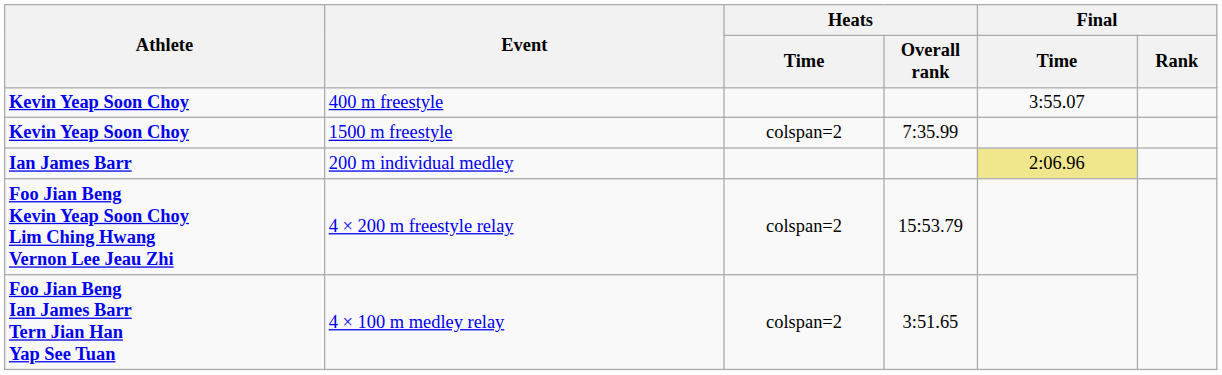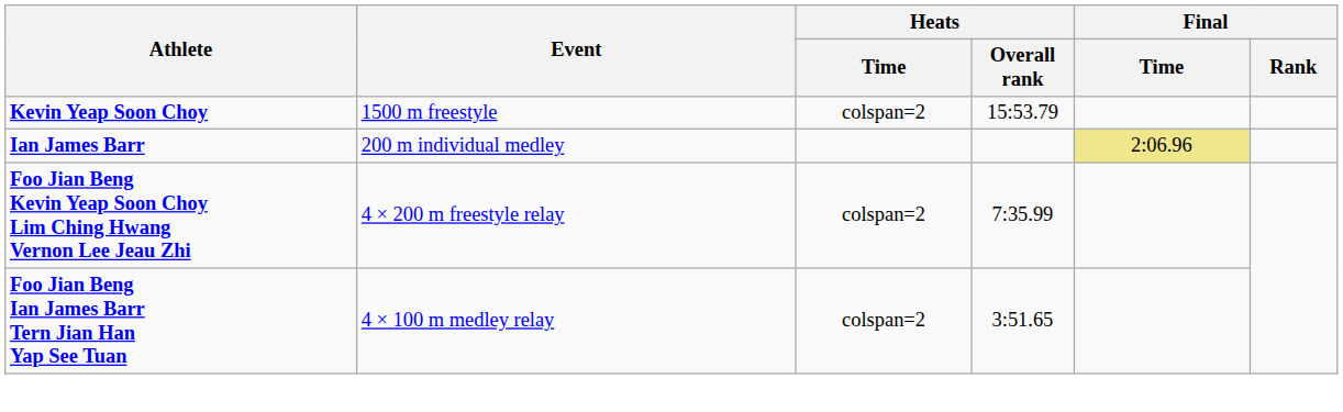 <table class="wikitable" width="75%" style="text-align:center; font-size:90%">
 <tr>
 <th rowspan="2" width="20%">Athlete</th>
 <th rowspan="2" width="25%">Event</th>
 <th colspan="2" width="15%">Heats</th>
 <th colspan="2" width="15%">Final</th>
 </tr>
 <tr>
 <th width="10%">Time</th>
 <th>Overall rank</th>
 <th width="10%">Time</th>
 <th>Rank</th>
 </tr>
 <tr>
 <td align=left><strong><a href='#'>Kevin Yeap Soon Choy</a></strong></td>
-<td align=left><a href='#'>400 m freestyle</a></td>
-<td></td>
-<td></td>
-<td>3:55.07</td>
-<td></td>
-</tr>
-<tr>
-<td align=left><strong><a href='#'>Kevin Yeap Soon Choy</a></strong></td>
 <td align=left><a href='#'>1500 m freestyle</a></td>
 <td>colspan=2 </td>
-<td>7:35.99</td>
+<td>15:53.79</td>
 <td></td>
 </tr>
 <tr>
 <td align=left><strong><a href='#'>Ian James Barr</a></strong></td>
 <td align=left><a href='#'>200 m individual medley</a></td>
 <td></td>
 <td></td>
 <td style="background: khaki;">2:06.96</td>
 <td></td>
 </tr>
 <tr>
 <td align=left><strong><a href='#'>Foo Jian Beng</a><br><a href='#'>Kevin Yeap Soon Choy</a><br><a href='#'>Lim Ching Hwang</a><br><a href='#'>Vernon Lee Jeau Zhi</a></strong></td>
 <td align=left><a href='#'>4 × 200 m freestyle relay</a></td>
 <td>colspan=2 </td>
-<td>15:53.79</td>
+<td>7:35.99</td>
 <td></td>
 </tr>
 <tr>
 <td align=left><strong><a href='#'>Foo Jian Beng</a><br><a href='#'>Ian James Barr</a><br><a href='#'>Tern Jian Han</a><br><a href='#'>Yap See Tuan</a></strong></td>
 <td align=left><a href='#'>4 × 100 m medley relay</a></td>
 <td>colspan=2 </td>
 <td>3:51.65</td>
 <td></td>
 </tr>
 </table>
